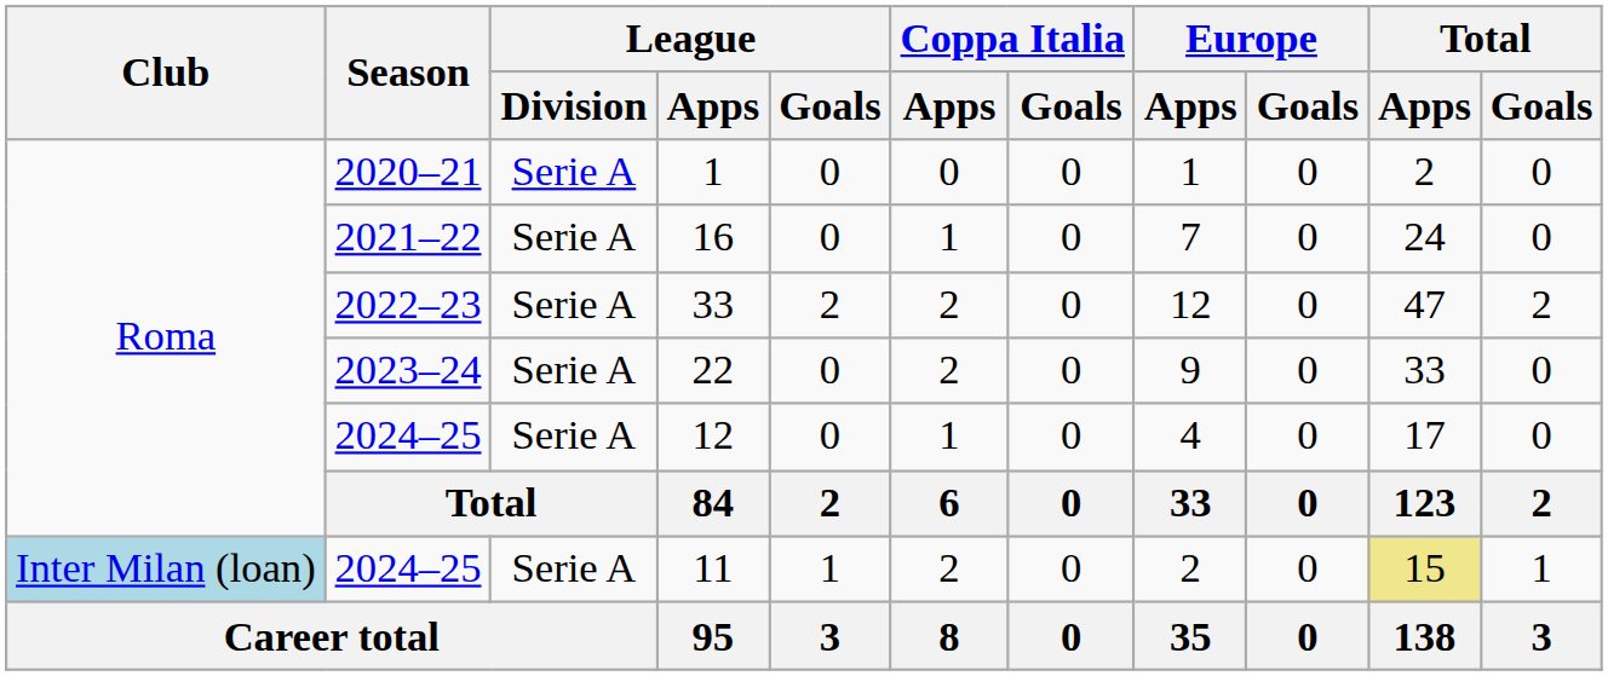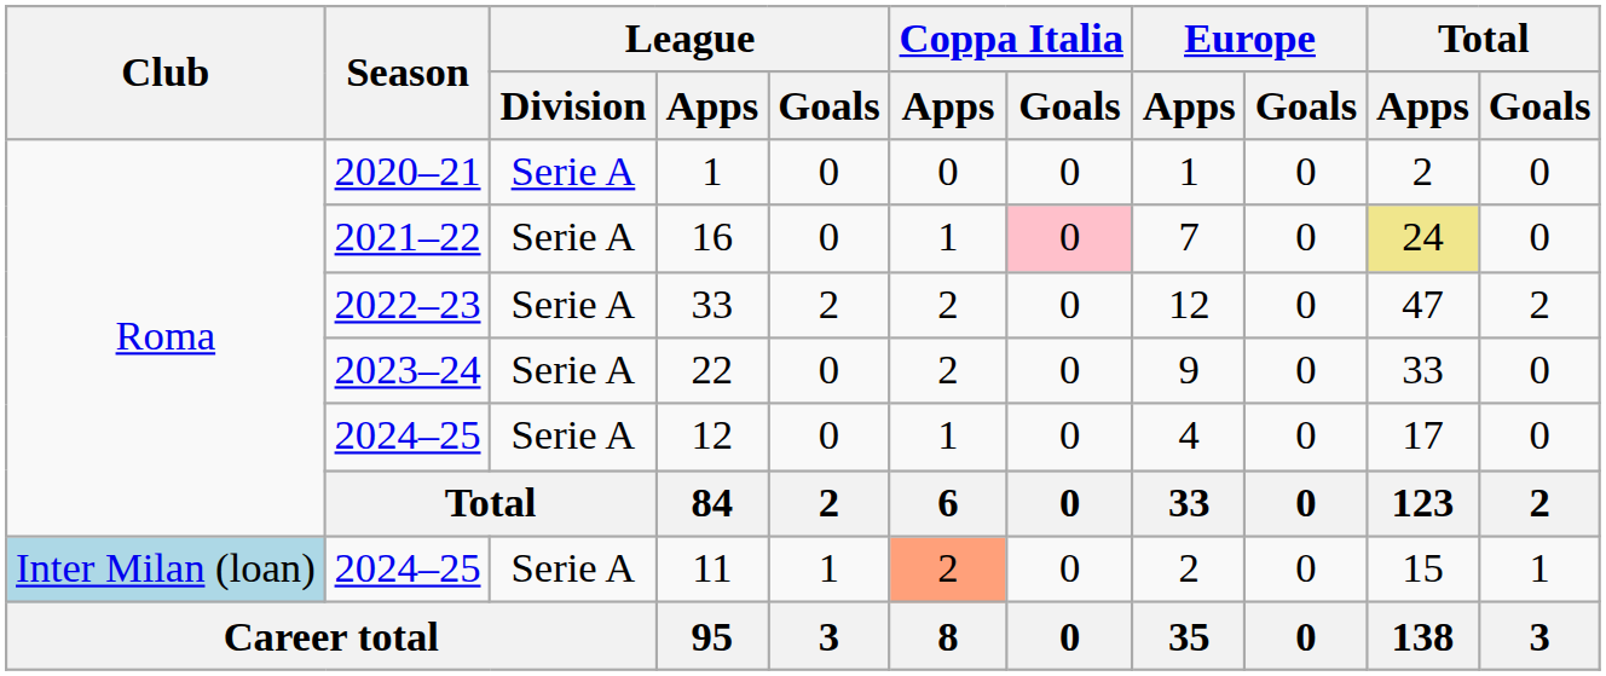 <table class="wikitable" style="text-align:center">
 <tr>
 <th rowspan="2">Club</th>
 <th rowspan="2">Season</th>
 <th colspan="3">League</th>
 <th colspan="2"><a href='#'>Coppa Italia</a></th>
 <th colspan="2"><a href='#'>Europe</a></th>
 <th colspan="2">Total</th>
 </tr>
 <tr>
 <th>Division</th>
 <th>Apps</th>
 <th>Goals</th>
 <th>Apps</th>
 <th>Goals</th>
 <th>Apps</th>
 <th>Goals</th>
 <th>Apps</th>
 <th>Goals</th>
 </tr>
 <tr>
 <td rowspan="6"><a href='#'>Roma</a></td>
 <td><a href='#'>2020–21</a></td>
 <td><a href='#'>Serie A</a></td>
 <td>1</td>
 <td>0</td>
 <td>0</td>
 <td>0</td>
 <td>1</td>
 <td>0</td>
 <td>2</td>
 <td>0</td>
 </tr>
 <tr>
 <td><a href='#'>2021–22</a></td>
 <td>Serie A</td>
 <td>16</td>
 <td>0</td>
 <td>1</td>
-<td>0</td>
+<td style="background: pink;">0</td>
 <td>7</td>
 <td>0</td>
-<td>24</td>
+<td style="background: khaki;">24</td>
 <td>0</td>
 </tr>
 <tr>
 <td><a href='#'>2022–23</a></td>
 <td>Serie A</td>
 <td>33</td>
 <td>2</td>
 <td>2</td>
 <td>0</td>
 <td>12</td>
 <td>0</td>
 <td>47</td>
 <td>2</td>
 </tr>
 <tr>
 <td><a href='#'>2023–24</a></td>
 <td>Serie A</td>
 <td>22</td>
 <td>0</td>
 <td>2</td>
 <td>0</td>
 <td>9</td>
 <td>0</td>
 <td>33</td>
 <td>0</td>
 </tr>
 <tr>
 <td><a href='#'>2024–25</a></td>
 <td>Serie A</td>
 <td>12</td>
 <td>0</td>
 <td>1</td>
 <td>0</td>
 <td>4</td>
 <td>0</td>
 <td>17</td>
 <td>0</td>
 </tr>
 <tr>
 <th colspan="2">Total</th>
 <th>84</th>
 <th>2</th>
 <th>6</th>
 <th>0</th>
 <th>33</th>
 <th>0</th>
 <th>123</th>
 <th>2</th>
 </tr>
 <tr>
 <td style="background: lightblue;"><a href='#'>Inter Milan</a> (loan)</td>
 <td><a href='#'>2024–25</a></td>
 <td>Serie A</td>
 <td>11</td>
 <td>1</td>
-<td>2</td>
+<td style="background: lightsalmon;">2</td>
 <td>0</td>
 <td>2</td>
 <td>0</td>
-<td style="background: khaki;">15</td>
+<td>15</td>
 <td>1</td>
 </tr>
 <tr>
 <th colspan="3">Career total</th>
 <th>95</th>
 <th>3</th>
 <th>8</th>
 <th>0</th>
 <th>35</th>
 <th>0</th>
 <th>138</th>
 <th>3</th>
 </tr>
 </table>
